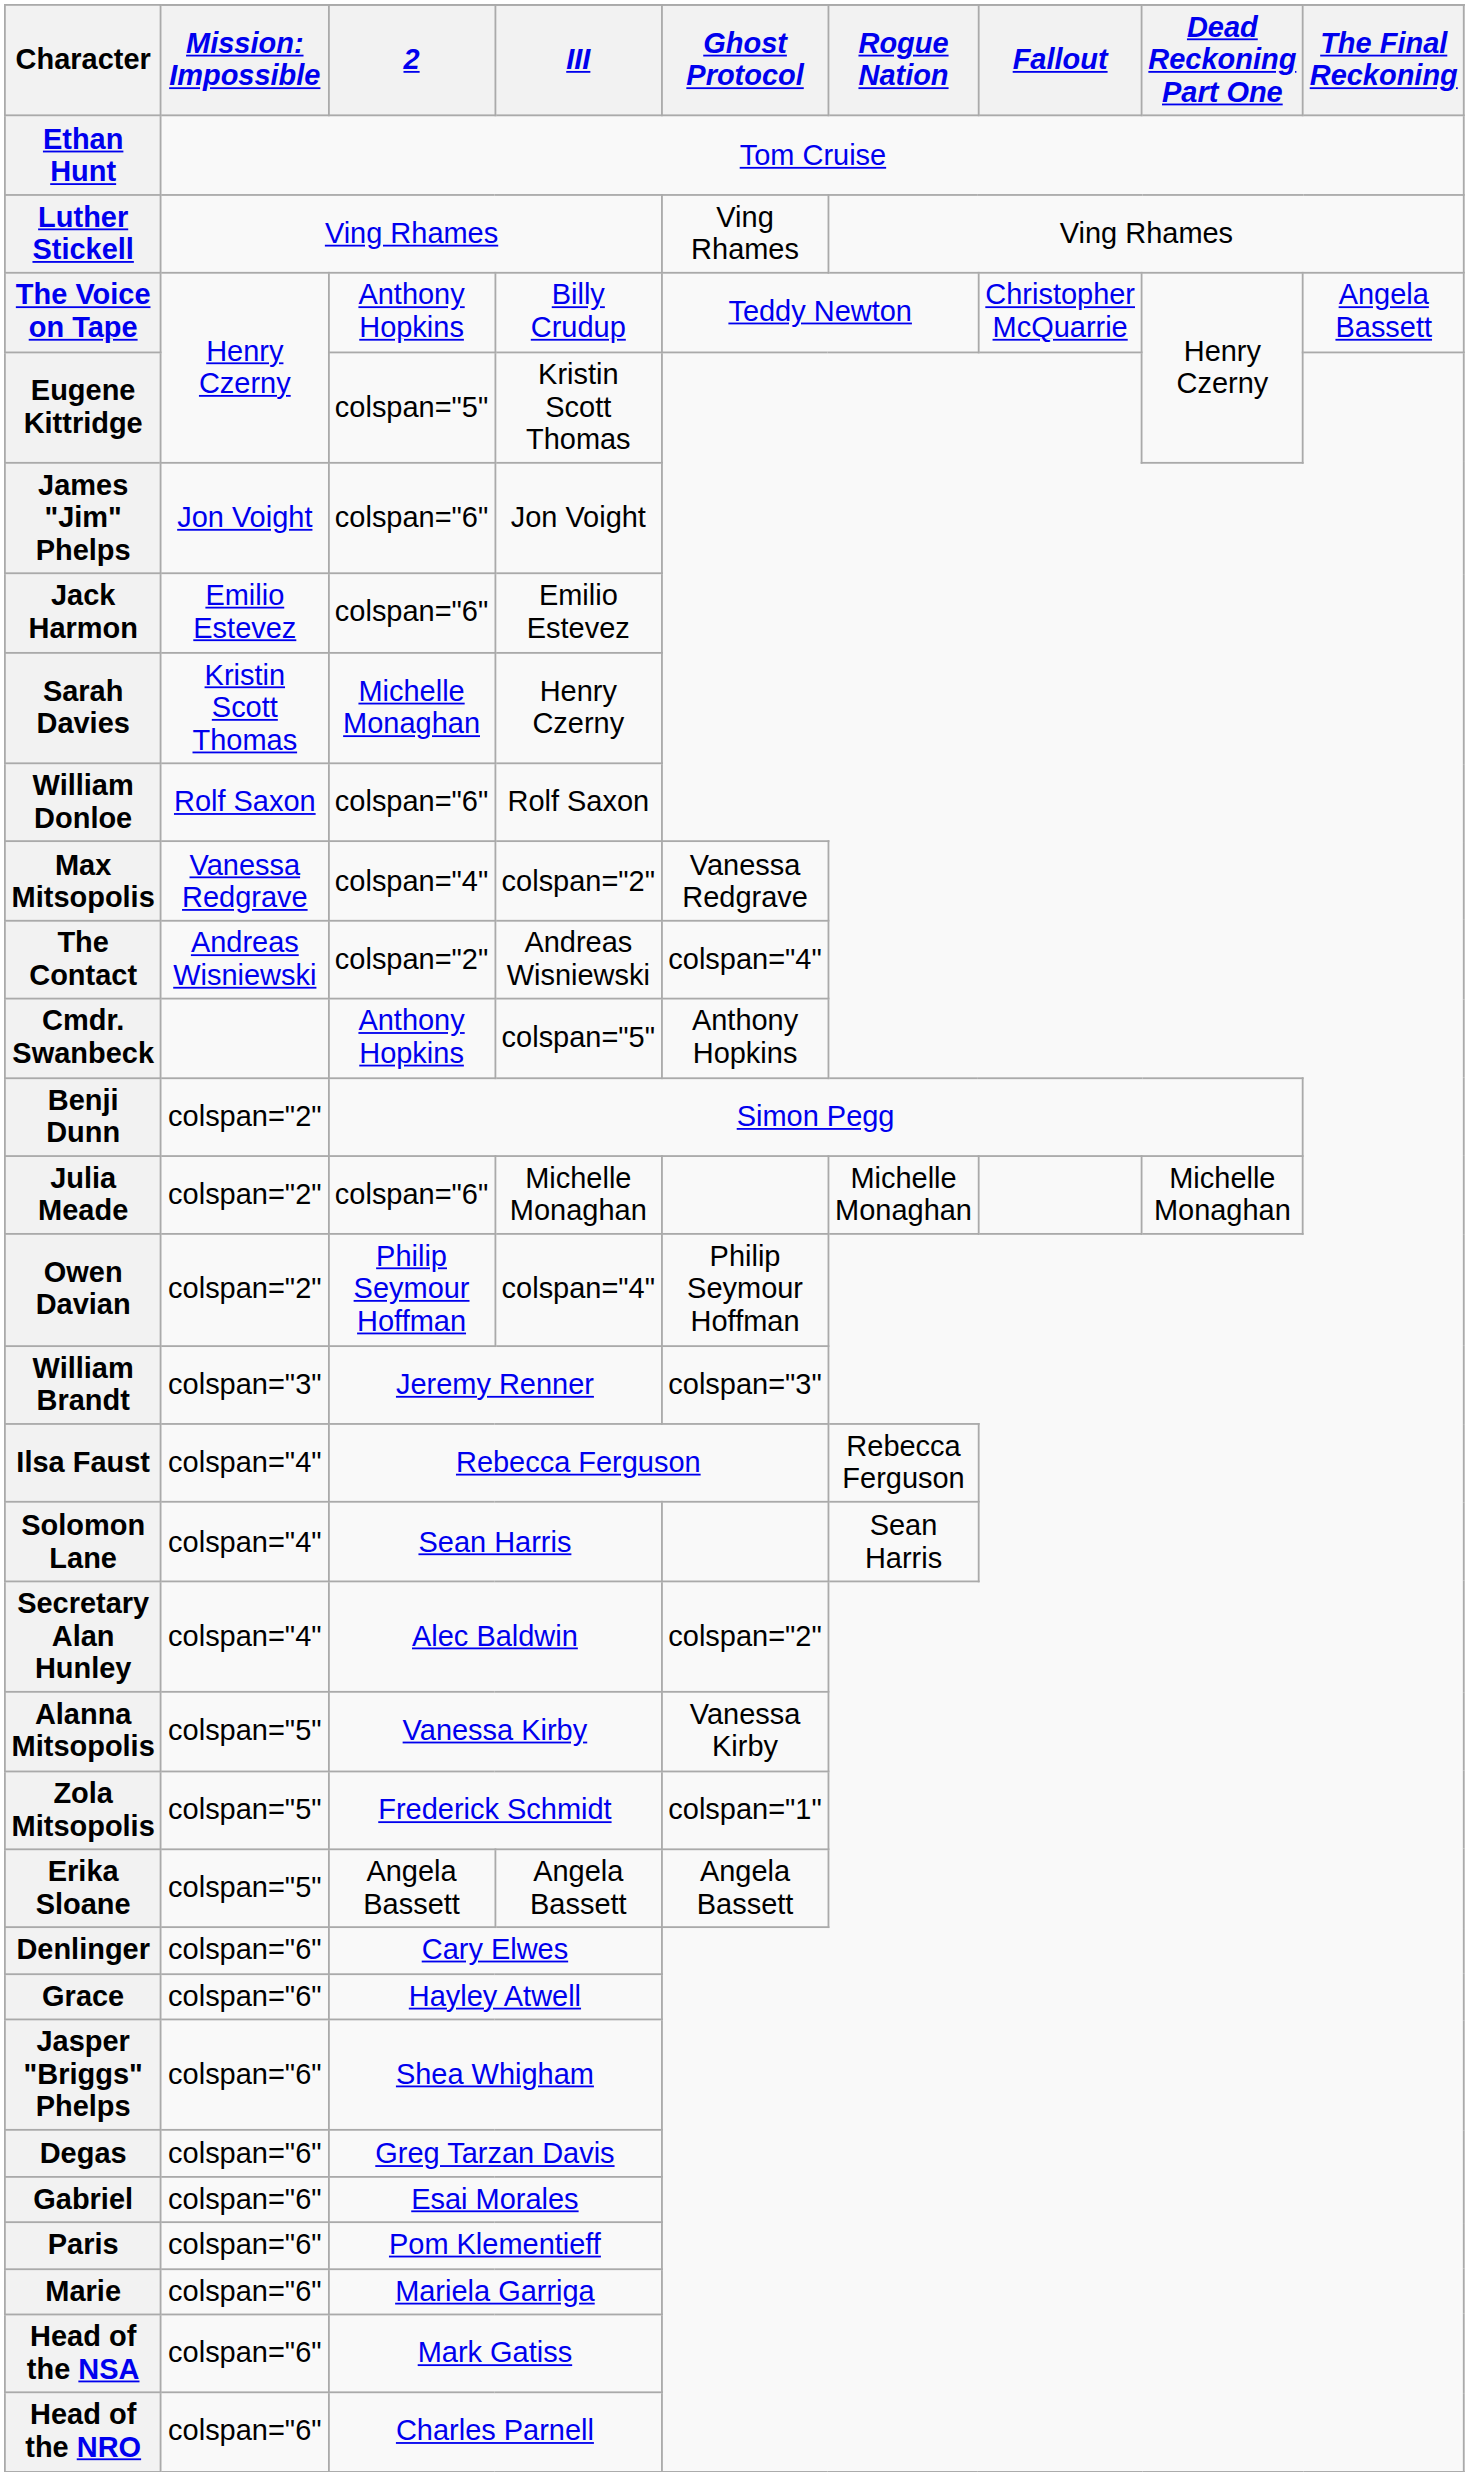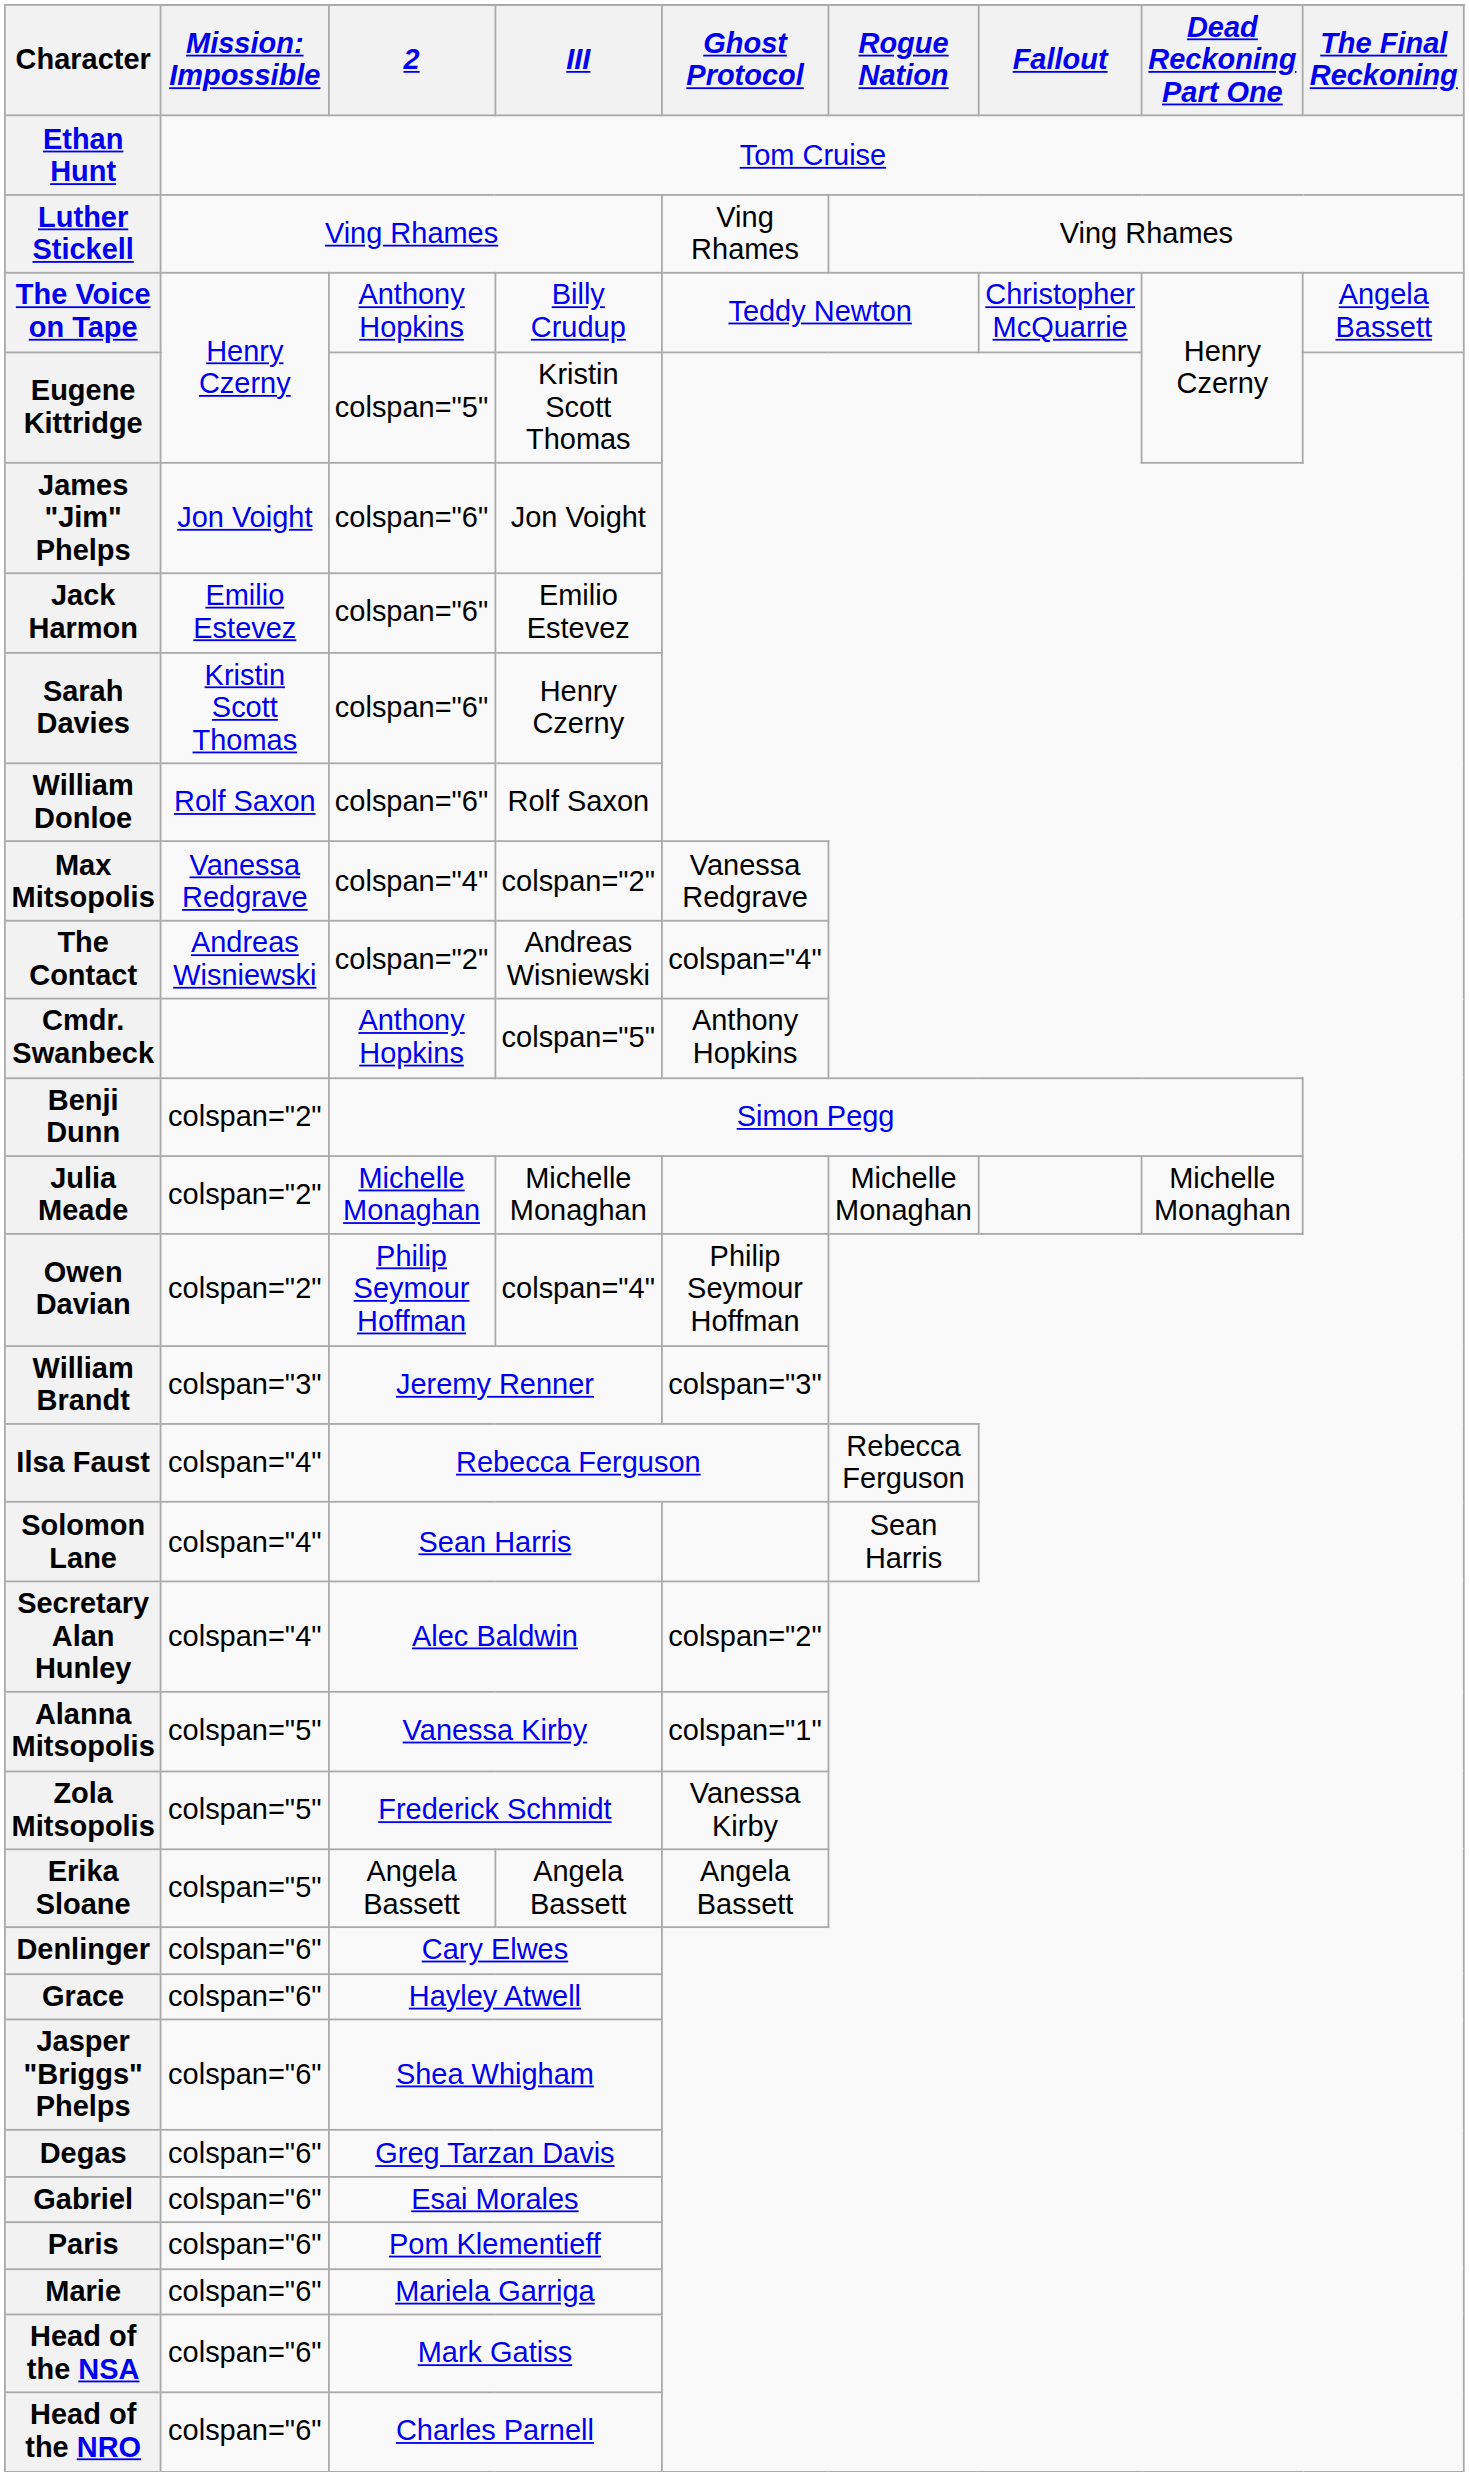 <table class="wikitable plainrowheaders" style="text-align:center;">
 <tr>
 <th scope="col" rowspan="2">Character</th>
 </tr>
 <tr>
 <th><em><a href='#'>Mission: Impossible</a></em></th>
 <th><em><a href='#'>2</a></em></th>
 <th><em><a href='#'>III</a></em></th>
 <th><em><a href='#'>Ghost Protocol</a></em></th>
 <th><em> <a href='#'>Rogue Nation</a></em></th>
 <th><em> <a href='#'>Fallout</a></em></th>
 <th><em><a href='#'>Dead Reckoning Part One</a></em> </th>
 <th><em><a href='#'>The Final Reckoning</a></em></th>
 </tr>
 <tr>
 <th><a href='#'>Ethan Hunt</a></th>
 <td colspan="8"><a href='#'>Tom Cruise</a></td>
 </tr>
 <tr>
 <th><a href='#'>Luther Stickell</a></th>
 <td colspan="3"><a href='#'>Ving Rhames</a></td>
 <td>Ving Rhames</td>
 <td colspan="4">Ving Rhames</td>
 </tr>
 <tr>
 <th><a href='#'>The Voice on Tape</a></th>
 <td rowspan="2"><a href='#'>Henry Czerny</a></td>
 <td><a href='#'>Anthony Hopkins</a></td>
 <td><a href='#'>Billy Crudup</a></td>
 <td colspan="2"><a href='#'>Teddy Newton</a></td>
 <td><a href='#'>Christopher McQuarrie</a></td>
 <td rowspan="2">Henry Czerny</td>
 <td><a href='#'>Angela Bassett</a></td>
 </tr>
 <tr>
 <th>Eugene Kittridge</th>
 <td>colspan="5" </td>
 <td>Kristin Scott Thomas</td>
 </tr>
 <tr>
 <th>James "Jim" Phelps</th>
 <td><a href='#'>Jon Voight</a></td>
 <td>colspan="6" </td>
 <td>Jon Voight</td>
 </tr>
 <tr>
 <th>Jack Harmon</th>
 <td><a href='#'>Emilio Estevez</a></td>
 <td>colspan="6" </td>
 <td>Emilio Estevez</td>
 </tr>
 <tr>
 <th>Sarah Davies</th>
 <td><a href='#'>Kristin Scott Thomas</a></td>
-<td><a href='#'>Michelle Monaghan</a></td>
+<td>colspan="6" </td>
 <td>Henry Czerny</td>
 </tr>
 <tr>
 <th>William Donloe</th>
 <td><a href='#'>Rolf Saxon</a></td>
 <td>colspan="6" </td>
 <td>Rolf Saxon</td>
 </tr>
 <tr>
 <th>Max Mitsopolis</th>
 <td><a href='#'>Vanessa Redgrave</a></td>
 <td>colspan="4" </td>
 <td>colspan="2" </td>
 <td>Vanessa Redgrave</td>
 </tr>
 <tr>
 <th>The Contact</th>
 <td><a href='#'>Andreas Wisniewski</a></td>
 <td>colspan="2" </td>
 <td>Andreas Wisniewski</td>
 <td>colspan="4" </td>
 </tr>
 <tr>
 <th>Cmdr. Swanbeck</th>
 <td></td>
 <td><a href='#'>Anthony Hopkins</a></td>
 <td>colspan="5" </td>
 <td>Anthony Hopkins</td>
 </tr>
 <tr>
 <th>Benji Dunn</th>
 <td>colspan="2" </td>
 <td colspan="6"><a href='#'>Simon Pegg</a></td>
 </tr>
 <tr>
 <th>Julia Meade</th>
 <td>colspan="2" </td>
-<td>colspan="6" </td>
+<td><a href='#'>Michelle Monaghan</a></td>
 <td>Michelle Monaghan</td>
 <td></td>
 <td>Michelle Monaghan</td>
 <td></td>
 <td>Michelle Monaghan</td>
 </tr>
 <tr>
 <th>Owen Davian</th>
 <td>colspan="2" </td>
 <td><a href='#'>Philip Seymour Hoffman</a></td>
 <td>colspan="4" </td>
 <td>Philip Seymour Hoffman</td>
 </tr>
 <tr>
 <th>William Brandt</th>
 <td>colspan="3" </td>
 <td colspan="2"><a href='#'>Jeremy Renner</a></td>
 <td>colspan="3" </td>
 </tr>
 <tr>
 <th>Ilsa Faust</th>
 <td>colspan="4" </td>
 <td colspan="3"><a href='#'>Rebecca Ferguson</a></td>
 <td>Rebecca Ferguson</td>
 </tr>
 <tr>
 <th>Solomon Lane</th>
 <td>colspan="4" </td>
 <td colspan="2"><a href='#'>Sean Harris</a></td>
 <td></td>
 <td>Sean Harris</td>
 </tr>
 <tr>
 <th>Secretary Alan Hunley</th>
 <td>colspan="4" </td>
 <td colspan="2"><a href='#'>Alec Baldwin</a></td>
 <td>colspan="2" </td>
 </tr>
 <tr>
 <th>Alanna Mitsopolis<br></th>
 <td>colspan="5" </td>
 <td colspan="2"><a href='#'>Vanessa Kirby</a></td>
-<td>Vanessa Kirby</td>
+<td>colspan="1" </td>
 </tr>
 <tr>
 <th>Zola Mitsopolis</th>
 <td>colspan="5" </td>
 <td colspan="2"><a href='#'>Frederick Schmidt</a></td>
-<td>colspan="1" </td>
+<td>Vanessa Kirby</td>
 </tr>
 <tr>
 <th>Erika Sloane</th>
 <td>colspan="5" </td>
 <td>Angela Bassett</td>
 <td>Angela Bassett</td>
 <td>Angela Bassett</td>
 </tr>
 <tr>
 <th>Denlinger</th>
 <td>colspan="6" </td>
 <td colspan="2"><a href='#'>Cary Elwes</a></td>
 </tr>
 <tr>
 <th>Grace</th>
 <td>colspan="6" </td>
 <td colspan="2"><a href='#'>Hayley Atwell</a></td>
 </tr>
 <tr>
 <th>Jasper "Briggs" Phelps</th>
 <td>colspan="6" </td>
 <td colspan="2"><a href='#'>Shea Whigham</a></td>
 </tr>
 <tr>
 <th>Degas</th>
 <td>colspan="6" </td>
 <td colspan="2"><a href='#'>Greg Tarzan Davis</a></td>
 </tr>
 <tr>
 <th>Gabriel</th>
 <td>colspan="6" </td>
 <td colspan="2"><a href='#'>Esai Morales</a></td>
 </tr>
 <tr>
 <th>Paris</th>
 <td>colspan="6" </td>
 <td colspan="2"><a href='#'>Pom Klementieff</a></td>
 </tr>
 <tr>
 <th>Marie</th>
 <td>colspan="6" </td>
 <td colspan="2"><a href='#'>Mariela Garriga</a></td>
 </tr>
 <tr>
 <th>Head of the <a href='#'>NSA</a></th>
 <td>colspan="6" </td>
 <td colspan="2"><a href='#'>Mark Gatiss</a></td>
 </tr>
 <tr>
 <th>Head of the <a href='#'>NRO</a></th>
 <td>colspan="6" </td>
 <td colspan="2"><a href='#'>Charles Parnell</a></td>
 </tr>
 </table>
